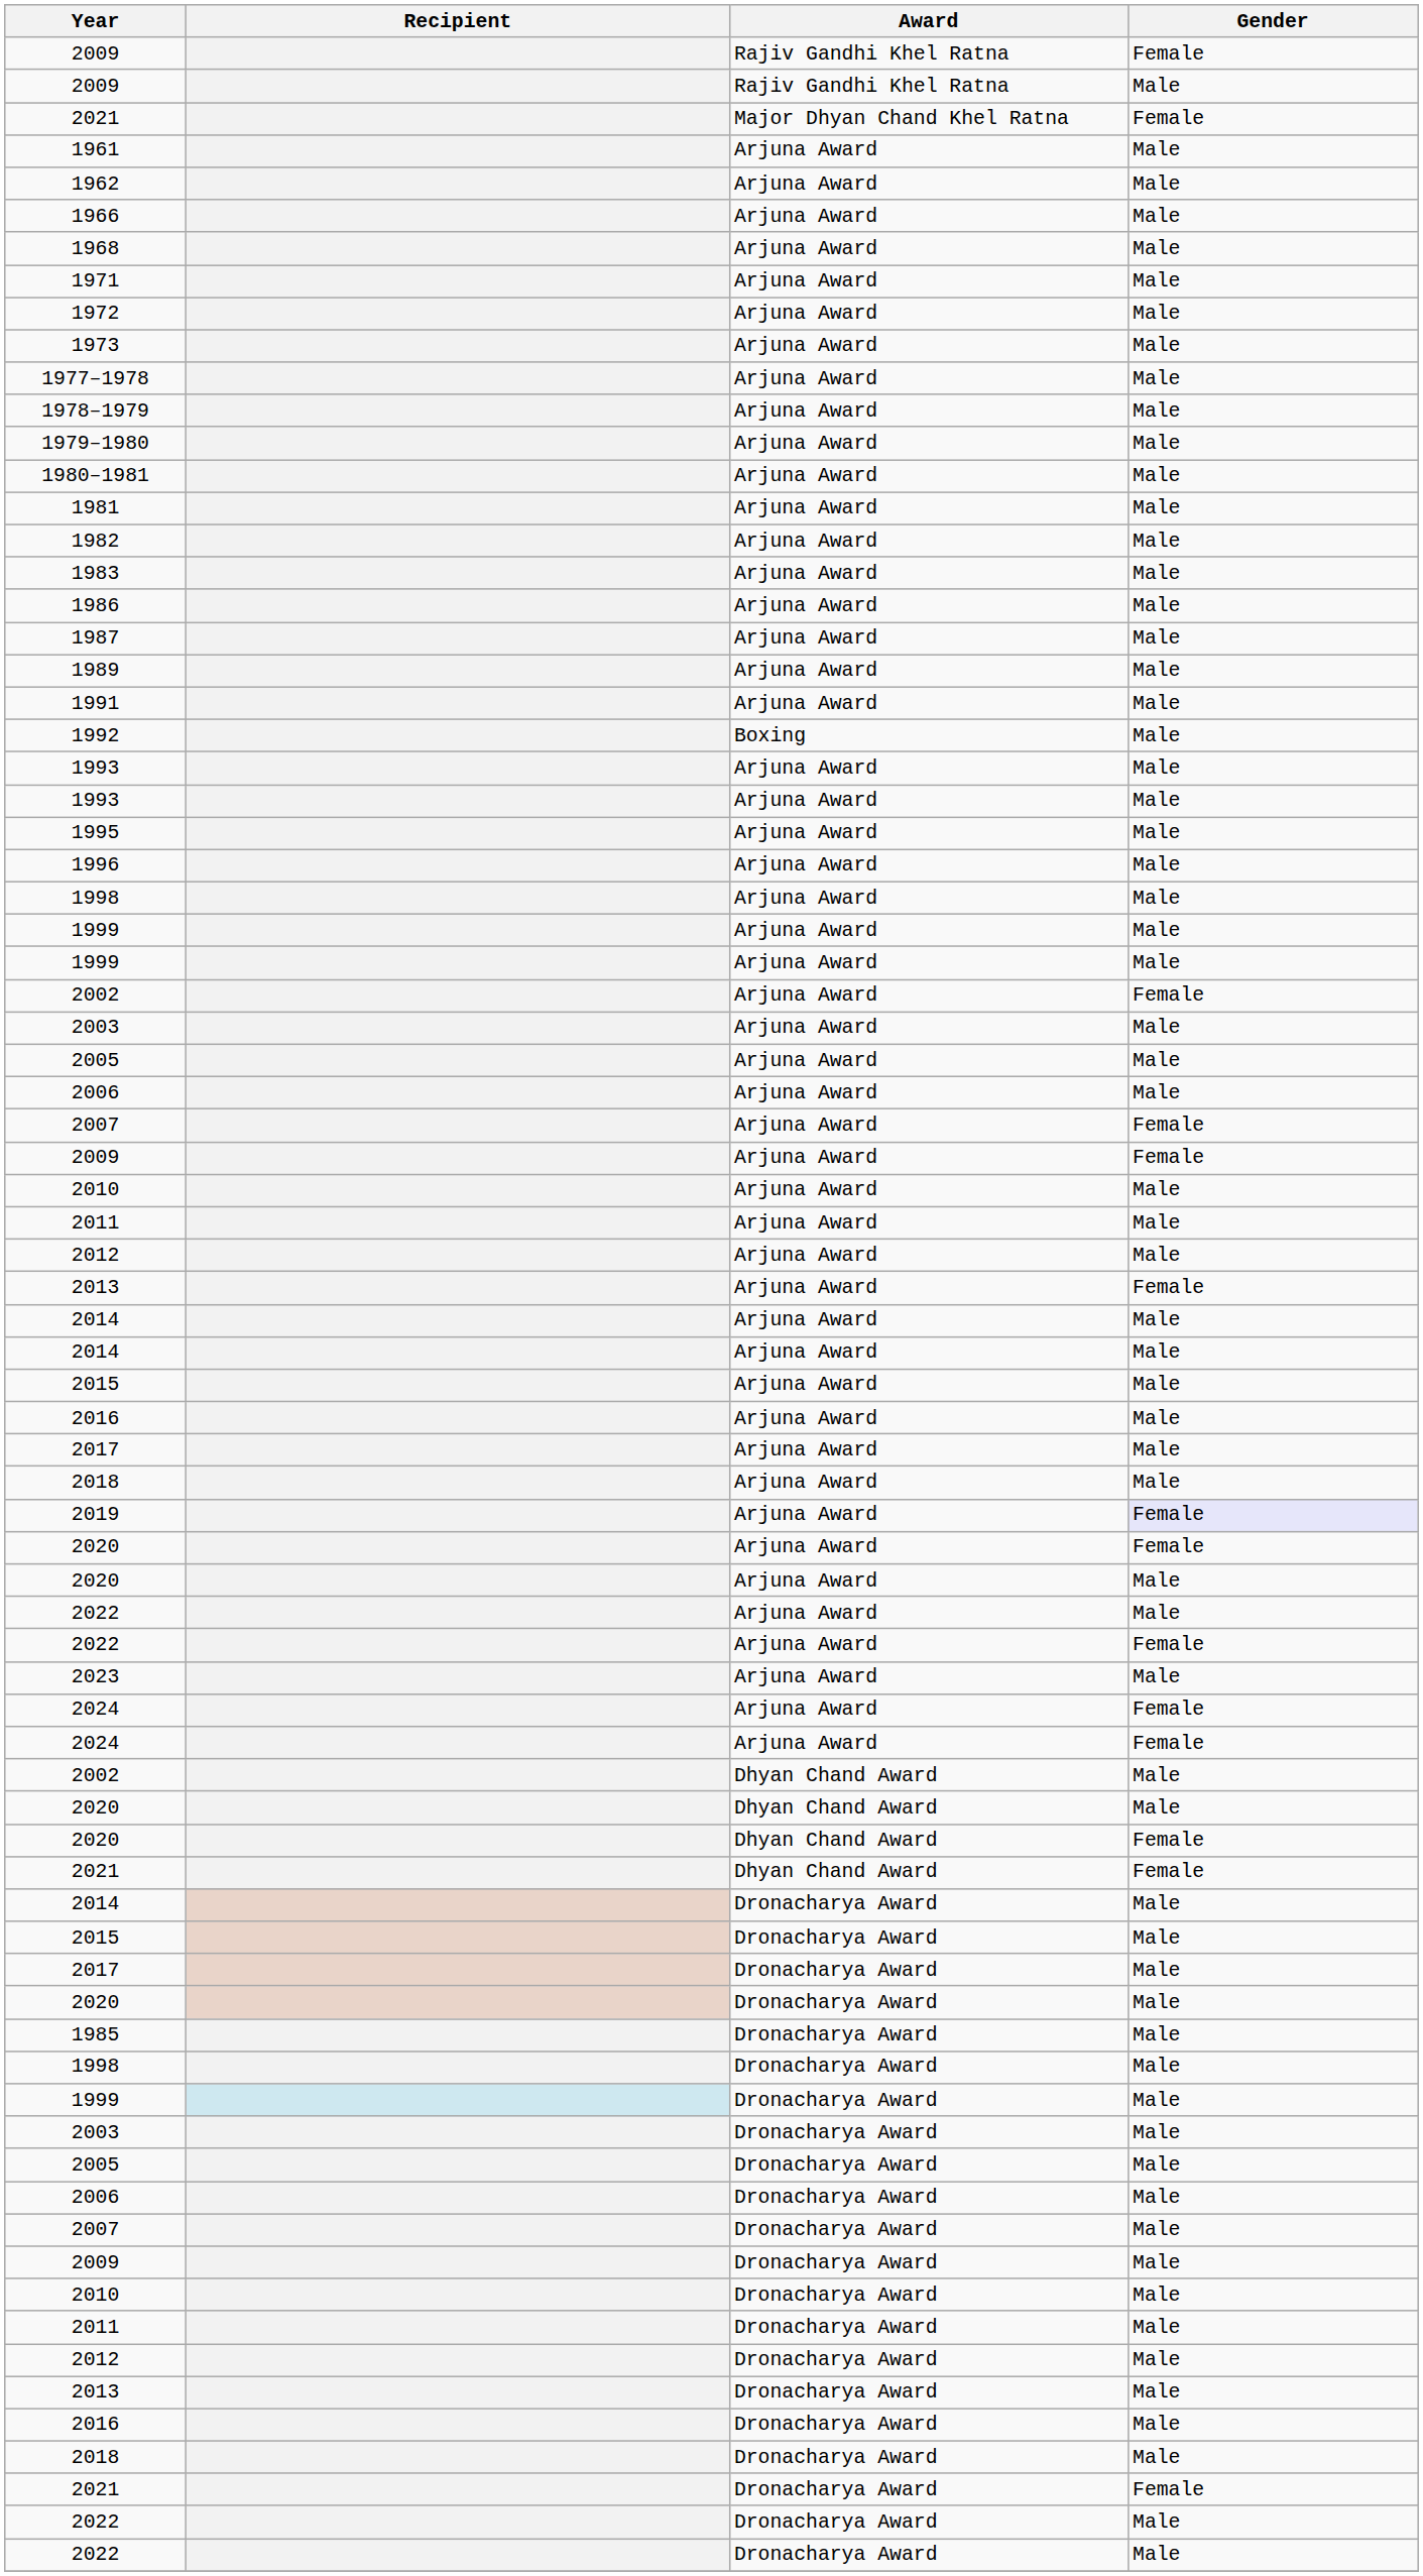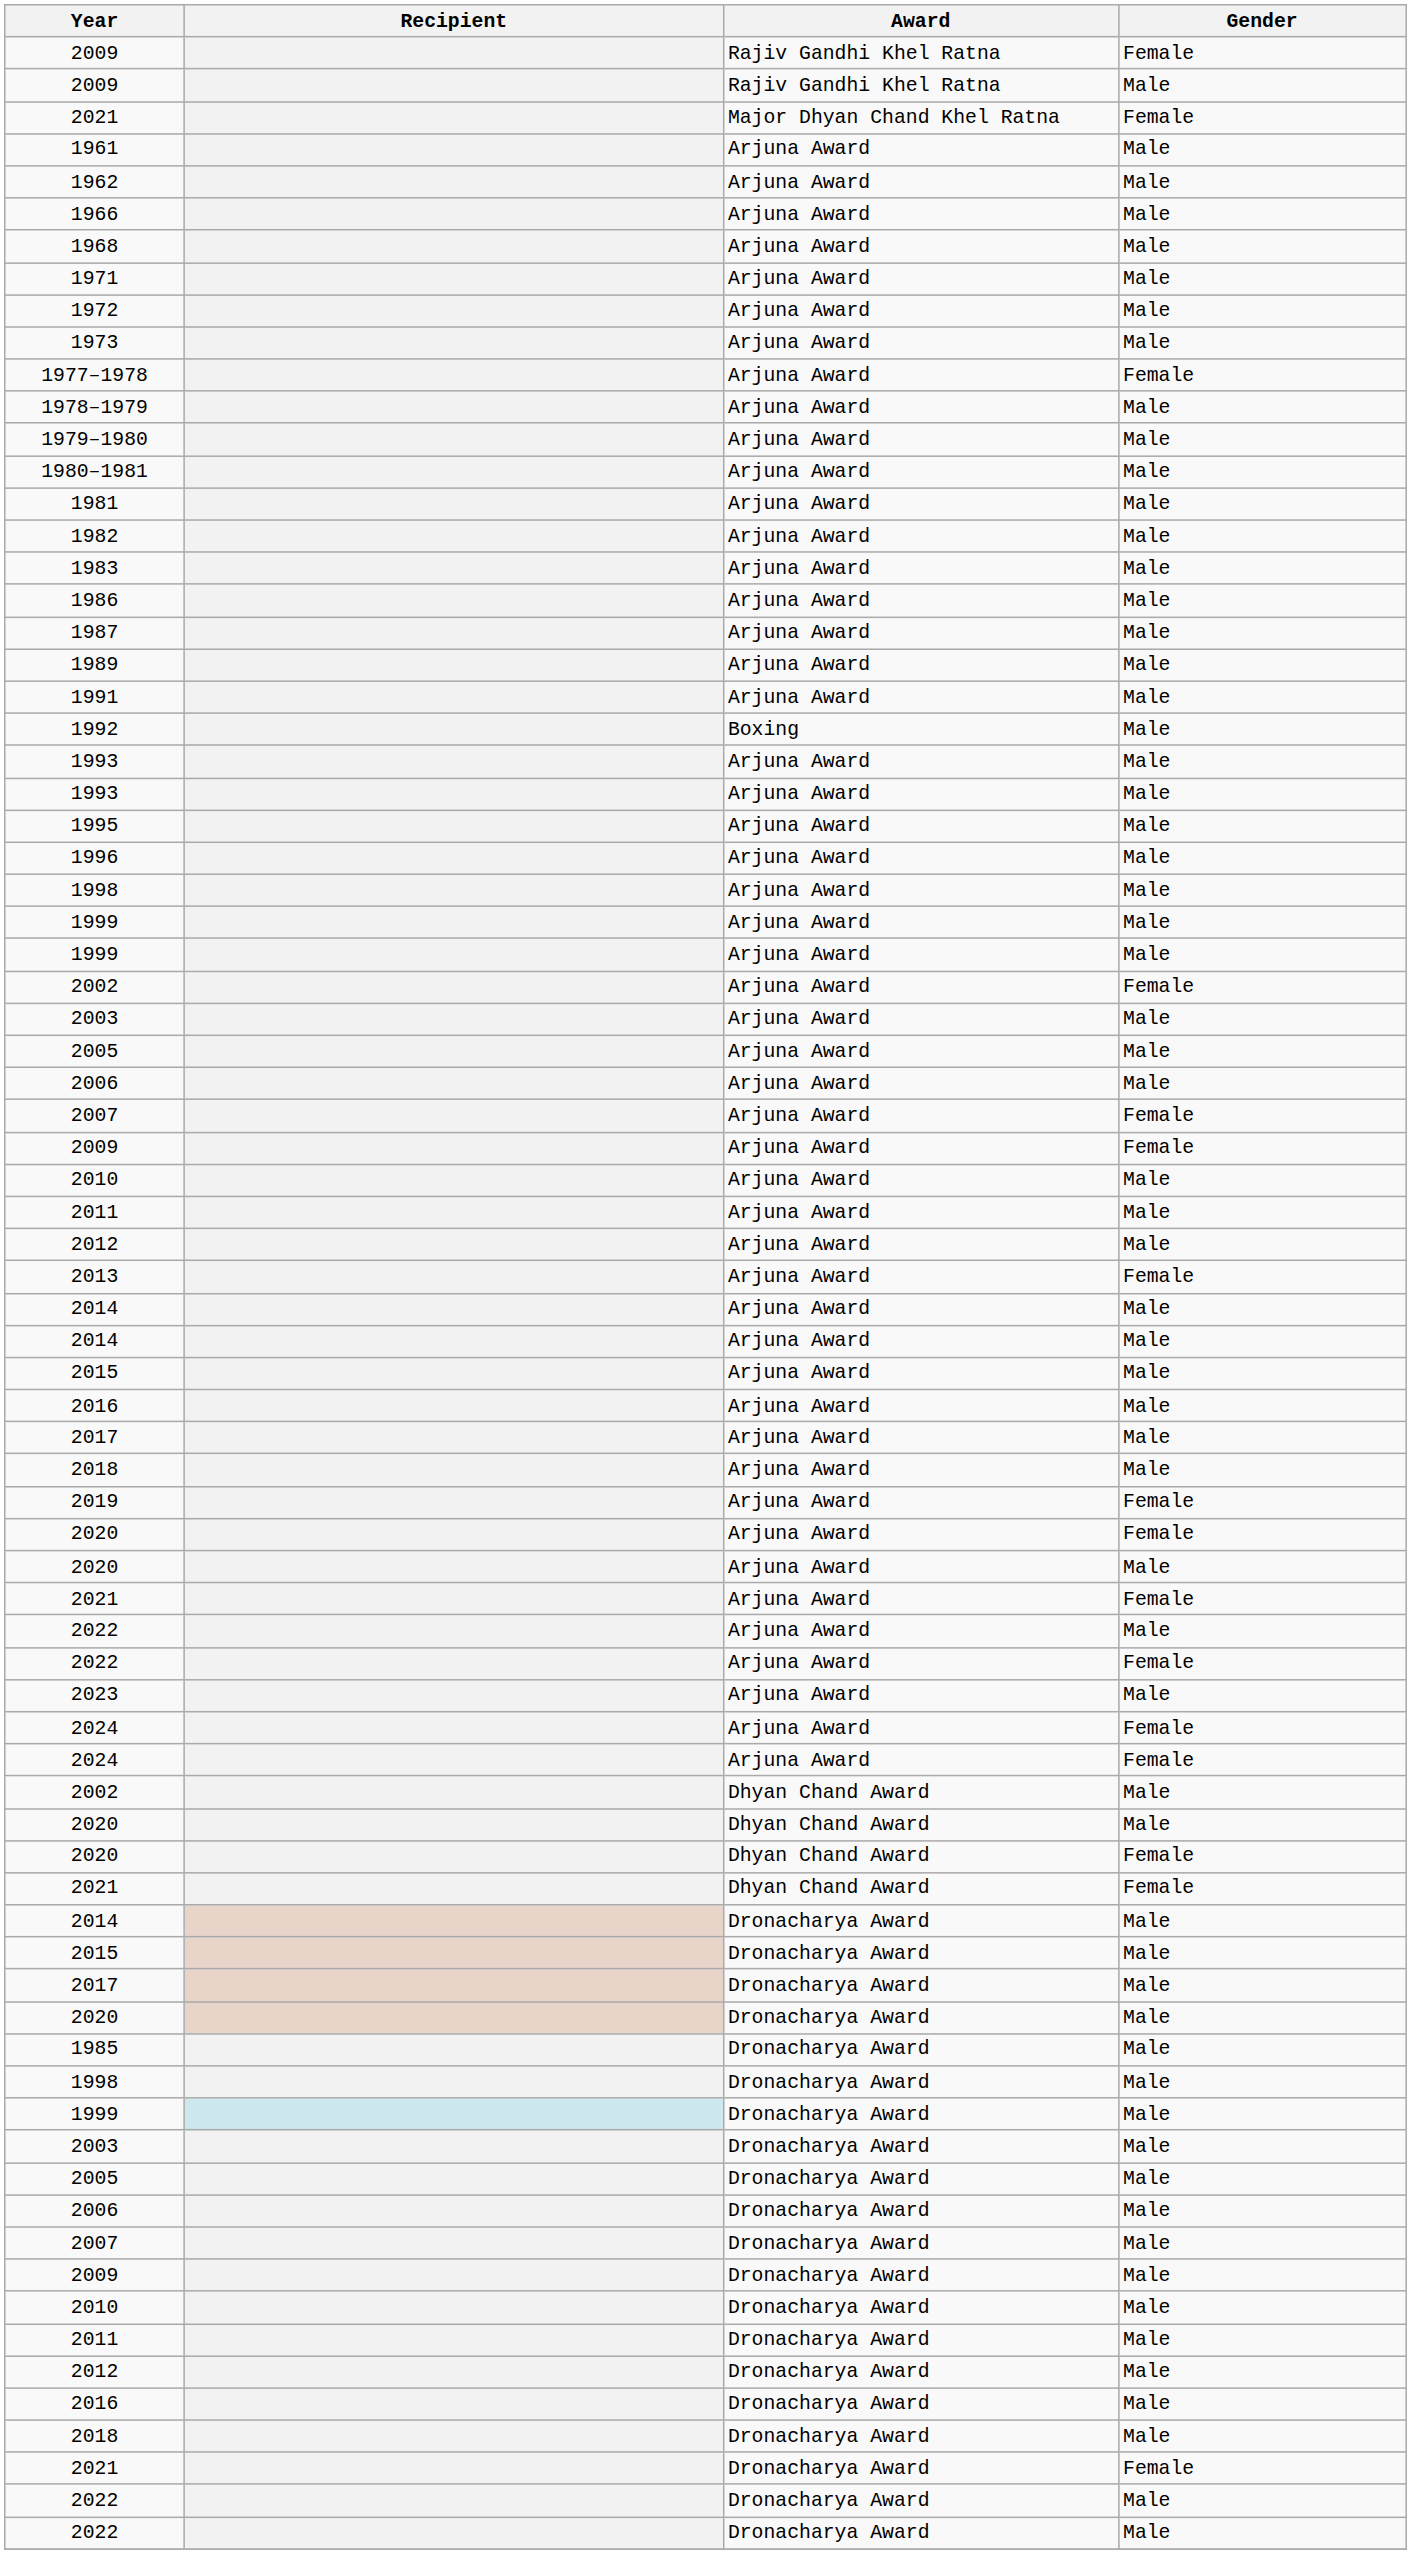 <table class="wikitable plainrowheaders sortable" style="width:73%">
 <tr>
 <th scope="col" style="width:10%">Year</th>
 <th scope="col" style="width:30%">Recipient</th>
 <th scope="col" style="width:22%">Award</th>
 <th scope="col" style="width:16%">Gender</th>
 </tr>
 <tr>
 <td style="text-align:center;">2009</td>
 <th scope="row"></th>
 <td>Rajiv Gandhi Khel Ratna</td>
 <td>Female</td>
 </tr>
 <tr>
 <td style="text-align:center;">2009</td>
 <th scope="row"></th>
 <td>Rajiv Gandhi Khel Ratna</td>
 <td>Male</td>
 </tr>
 <tr>
 <td style="text-align:center;">2021</td>
 <th scope="row"></th>
 <td>Major Dhyan Chand Khel Ratna</td>
 <td>Female</td>
 </tr>
 <tr>
 <td style="text-align:center;">1961</td>
 <th scope="row"></th>
 <td>Arjuna Award</td>
 <td>Male</td>
 </tr>
 <tr>
 <td style="text-align:center;">1962</td>
 <th scope="row"></th>
 <td>Arjuna Award</td>
 <td>Male</td>
 </tr>
 <tr>
 <td style="text-align:center;">1966</td>
 <th scope="row"></th>
 <td>Arjuna Award</td>
 <td>Male</td>
 </tr>
 <tr>
 <td style="text-align:center;">1968</td>
 <th scope="row"></th>
 <td>Arjuna Award</td>
 <td>Male</td>
 </tr>
 <tr>
 <td style="text-align:center;">1971</td>
 <th scope="row"></th>
 <td>Arjuna Award</td>
 <td>Male</td>
 </tr>
 <tr>
 <td style="text-align:center;">1972</td>
 <th scope="row"></th>
 <td>Arjuna Award</td>
 <td>Male</td>
 </tr>
 <tr>
 <td style="text-align:center;">1973</td>
 <th scope="row"></th>
 <td>Arjuna Award</td>
 <td>Male</td>
 </tr>
 <tr>
 <td style="text-align:center;">1977–1978</td>
 <th scope="row"></th>
 <td>Arjuna Award</td>
-<td>Male</td>
+<td>Female</td>
 </tr>
 <tr>
 <td style="text-align:center;">1978–1979</td>
 <th scope="row"></th>
 <td>Arjuna Award</td>
 <td>Male</td>
 </tr>
 <tr>
 <td style="text-align:center;">1979–1980</td>
 <th scope="row"></th>
 <td>Arjuna Award</td>
 <td>Male</td>
 </tr>
 <tr>
 <td style="text-align:center;">1980–1981</td>
 <th scope="row"></th>
 <td>Arjuna Award</td>
 <td>Male</td>
 </tr>
 <tr>
 <td style="text-align:center;">1981</td>
 <th scope="row"></th>
 <td>Arjuna Award</td>
 <td>Male</td>
 </tr>
 <tr>
 <td style="text-align:center;">1982</td>
 <th scope="row"></th>
 <td>Arjuna Award</td>
 <td>Male</td>
 </tr>
 <tr>
 <td style="text-align:center;">1983</td>
 <th scope="row"></th>
 <td>Arjuna Award</td>
 <td>Male</td>
 </tr>
 <tr>
 <td style="text-align:center;">1986</td>
 <th scope="row"></th>
 <td>Arjuna Award</td>
 <td>Male</td>
 </tr>
 <tr>
 <td style="text-align:center;">1987</td>
 <th scope="row"></th>
 <td>Arjuna Award</td>
 <td>Male</td>
 </tr>
 <tr>
 <td style="text-align:center;">1989</td>
 <th scope="row"></th>
 <td>Arjuna Award</td>
 <td>Male</td>
 </tr>
 <tr>
 <td style="text-align:center;">1991</td>
 <th scope="row"></th>
 <td>Arjuna Award</td>
 <td>Male</td>
 </tr>
 <tr>
 <td style="text-align:center;">1992</td>
 <th scope="row"></th>
 <td>Boxing</td>
 <td>Male</td>
 </tr>
 <tr>
 <td style="text-align:center;">1993</td>
 <th scope="row"></th>
 <td>Arjuna Award</td>
 <td>Male</td>
 </tr>
 <tr>
 <td style="text-align:center;">1993</td>
 <th scope="row"></th>
 <td>Arjuna Award</td>
 <td>Male</td>
 </tr>
 <tr>
 <td style="text-align:center;">1995</td>
 <th scope="row"></th>
 <td>Arjuna Award</td>
 <td>Male</td>
 </tr>
 <tr>
 <td style="text-align:center;">1996</td>
 <th scope="row"></th>
 <td>Arjuna Award</td>
 <td>Male</td>
 </tr>
 <tr>
 <td style="text-align:center;">1998</td>
 <th scope="row"></th>
 <td>Arjuna Award</td>
 <td>Male</td>
 </tr>
 <tr>
 <td style="text-align:center;">1999</td>
 <th scope="row"></th>
 <td>Arjuna Award</td>
 <td>Male</td>
 </tr>
 <tr>
 <td style="text-align:center;">1999</td>
 <th scope="row"></th>
 <td>Arjuna Award</td>
 <td>Male</td>
 </tr>
 <tr>
 <td style="text-align:center;">2002</td>
 <th scope="row"></th>
 <td>Arjuna Award</td>
 <td>Female</td>
 </tr>
 <tr>
 <td style="text-align:center;">2003</td>
 <th scope="row"></th>
 <td>Arjuna Award</td>
 <td>Male</td>
 </tr>
 <tr>
 <td style="text-align:center;">2005</td>
 <th scope="row"></th>
 <td>Arjuna Award</td>
 <td>Male</td>
 </tr>
 <tr>
 <td style="text-align:center;">2006</td>
 <th scope="row"></th>
 <td>Arjuna Award</td>
 <td>Male</td>
 </tr>
 <tr>
 <td style="text-align:center;">2007</td>
 <th scope="row"></th>
 <td>Arjuna Award</td>
 <td>Female</td>
 </tr>
 <tr>
 <td style="text-align:center;">2009</td>
 <th scope="row"></th>
 <td>Arjuna Award</td>
 <td>Female</td>
 </tr>
 <tr>
 <td style="text-align:center;">2010</td>
 <th scope="row"></th>
 <td>Arjuna Award</td>
 <td>Male</td>
 </tr>
 <tr>
 <td style="text-align:center;">2011</td>
 <th scope="row"></th>
 <td>Arjuna Award</td>
 <td>Male</td>
 </tr>
 <tr>
 <td style="text-align:center;">2012</td>
 <th scope="row"></th>
 <td>Arjuna Award</td>
 <td>Male</td>
 </tr>
 <tr>
 <td style="text-align:center;">2013</td>
 <th scope="row"></th>
 <td>Arjuna Award</td>
 <td>Female</td>
 </tr>
 <tr>
 <td style="text-align:center;">2014</td>
 <th scope="row"></th>
 <td>Arjuna Award</td>
 <td>Male</td>
 </tr>
 <tr>
 <td style="text-align:center;">2014</td>
 <th scope="row"></th>
 <td>Arjuna Award</td>
 <td>Male</td>
 </tr>
 <tr>
 <td style="text-align:center;">2015</td>
 <th scope="row"></th>
 <td>Arjuna Award</td>
 <td>Male</td>
 </tr>
 <tr>
 <td style="text-align:center;">2016</td>
 <th scope="row"></th>
 <td>Arjuna Award</td>
 <td>Male</td>
 </tr>
 <tr>
 <td style="text-align:center;">2017</td>
 <th scope="row"></th>
 <td>Arjuna Award</td>
 <td>Male</td>
 </tr>
 <tr>
 <td style="text-align:center;">2018</td>
 <th scope="row"></th>
 <td>Arjuna Award</td>
 <td>Male</td>
 </tr>
 <tr>
 <td style="text-align:center;">2019</td>
 <th scope="row"></th>
 <td>Arjuna Award</td>
-<td style="background: lavender;">Female</td>
+<td>Female</td>
 </tr>
 <tr>
 <td style="text-align:center;">2020</td>
 <th scope="row"></th>
 <td>Arjuna Award</td>
 <td>Female</td>
 </tr>
 <tr>
 <td style="text-align:center;">2020</td>
 <th scope="row"></th>
 <td>Arjuna Award</td>
 <td>Male</td>
+</tr>
+<tr>
+<td style="text-align:center;">2021</td>
+<th scope="row"></th>
+<td>Arjuna Award</td>
+<td>Female</td>
 </tr>
 <tr>
 <td style="text-align:center;">2022</td>
 <th scope="row"></th>
 <td>Arjuna Award</td>
 <td>Male</td>
 </tr>
 <tr>
 <td style="text-align:center;">2022</td>
 <th scope="row"></th>
 <td>Arjuna Award</td>
 <td>Female</td>
 </tr>
 <tr>
 <td style="text-align:center;">2023</td>
 <th scope="row"></th>
 <td>Arjuna Award</td>
 <td>Male</td>
 </tr>
 <tr>
 <td style="text-align:center;">2024</td>
 <th scope="row"></th>
 <td>Arjuna Award</td>
 <td>Female</td>
 </tr>
 <tr>
 <td style="text-align:center;">2024</td>
 <th scope="row"></th>
 <td>Arjuna Award</td>
 <td>Female</td>
 </tr>
 <tr>
 <td style="text-align:center;">2002</td>
 <th scope="row"></th>
 <td>Dhyan Chand Award</td>
 <td>Male</td>
 </tr>
 <tr>
 <td style="text-align:center;">2020</td>
 <th scope="row"></th>
 <td>Dhyan Chand Award</td>
 <td>Male</td>
 </tr>
 <tr>
 <td style="text-align:center;">2020</td>
 <th scope="row"></th>
 <td>Dhyan Chand Award</td>
 <td>Female</td>
 </tr>
 <tr>
 <td style="text-align:center;">2021</td>
 <th scope="row"></th>
 <td>Dhyan Chand Award</td>
 <td>Female</td>
 </tr>
 <tr>
 <td style="text-align:center;">2014</td>
 <th scope="row" style="background-color:#E9D4C9"> </th>
 <td>Dronacharya Award</td>
 <td>Male</td>
 </tr>
 <tr>
 <td style="text-align:center;">2015</td>
 <th scope="row" style="background-color:#E9D4C9"> </th>
 <td>Dronacharya Award</td>
 <td>Male</td>
 </tr>
 <tr>
 <td style="text-align:center;">2017</td>
 <th scope="row" style="background-color:#E9D4C9"> </th>
 <td>Dronacharya Award</td>
 <td>Male</td>
 </tr>
 <tr>
 <td style="text-align:center;">2020</td>
 <th scope="row" style="background-color:#E9D4C9"> </th>
 <td>Dronacharya Award</td>
 <td>Male</td>
 </tr>
 <tr>
 <td style="text-align:center;">1985</td>
 <th scope="row"></th>
 <td>Dronacharya Award</td>
 <td>Male</td>
 </tr>
 <tr>
 <td style="text-align:center;">1998</td>
 <th scope="row"></th>
 <td>Dronacharya Award</td>
 <td>Male</td>
 </tr>
 <tr>
 <td style="text-align:center;">1999</td>
 <th scope="row" style="background-color:#CEE8F0;"> </th>
 <td>Dronacharya Award</td>
 <td>Male</td>
 </tr>
 <tr>
 <td style="text-align:center;">2003</td>
 <th scope="row"></th>
 <td>Dronacharya Award</td>
 <td>Male</td>
 </tr>
 <tr>
 <td style="text-align:center;">2005</td>
 <th scope="row"></th>
 <td>Dronacharya Award</td>
 <td>Male</td>
 </tr>
 <tr>
 <td style="text-align:center;">2006</td>
 <th scope="row"></th>
 <td>Dronacharya Award</td>
 <td>Male</td>
 </tr>
 <tr>
 <td style="text-align:center;">2007</td>
 <th scope="row"></th>
 <td>Dronacharya Award</td>
 <td>Male</td>
 </tr>
 <tr>
 <td style="text-align:center;">2009</td>
 <th scope="row"></th>
 <td>Dronacharya Award</td>
 <td>Male</td>
 </tr>
 <tr>
 <td style="text-align:center;">2010</td>
 <th scope="row"></th>
 <td>Dronacharya Award</td>
 <td>Male</td>
 </tr>
 <tr>
 <td style="text-align:center;">2011</td>
 <th scope="row"></th>
 <td>Dronacharya Award</td>
 <td>Male</td>
 </tr>
 <tr>
 <td style="text-align:center;">2012</td>
 <th scope="row"></th>
 <td>Dronacharya Award</td>
 <td>Male</td>
 </tr>
 <tr>
-<td style="text-align:center;">2013</td>
-<th scope="row"></th>
-<td>Dronacharya Award</td>
-<td>Male</td>
-</tr>
-<tr>
 <td style="text-align:center;">2016</td>
 <th scope="row"></th>
 <td>Dronacharya Award</td>
 <td>Male</td>
 </tr>
 <tr>
 <td style="text-align:center;">2018</td>
 <th scope="row"></th>
 <td>Dronacharya Award</td>
 <td>Male</td>
 </tr>
 <tr>
 <td style="text-align:center;">2021</td>
 <th scope="row"></th>
 <td>Dronacharya Award</td>
 <td>Female</td>
 </tr>
 <tr>
 <td style="text-align:center;">2022</td>
 <th scope="row"></th>
 <td>Dronacharya Award</td>
 <td>Male</td>
 </tr>
 <tr>
 <td style="text-align:center;">2022</td>
 <th scope="row"></th>
 <td>Dronacharya Award</td>
 <td>Male</td>
 </tr>
 <tr>
 </tr>
 </table>
